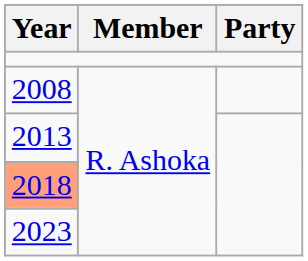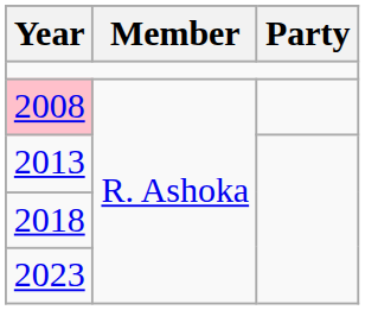 <table class="wikitable sortable">
 <tr>
 <th>Year</th>
 <th>Member</th>
 <th colspan="2">Party</th>
 </tr>
 <tr>
 <td colspan=4></td>
 </tr>
 <tr>
-<td><a href='#'>2008</a></td>
+<td style="background: pink;"><a href='#'>2008</a></td>
 <td rowspan="4"><a href='#'>R. Ashoka</a></td>
 <td></td>
 </tr>
 <tr>
 <td><a href='#'>2013</a></td>
 </tr>
 <tr>
-<td style="background: lightsalmon;"><a href='#'>2018</a></td>
+<td><a href='#'>2018</a></td>
 </tr>
 <tr>
 <td><a href='#'>2023</a></td>
 </tr>
 </table>
